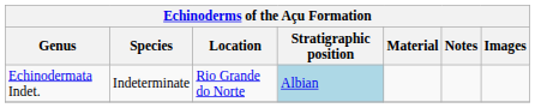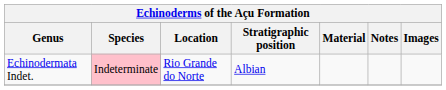 <table class="wikitable" align="center">
 <tr>
 <th colspan="7" align="center"><a href='#'>Echinoderms</a> of the Açu Formation</th>
 </tr>
 <tr>
 <th>Genus</th>
 <th>Species</th>
 <th>Location</th>
 <th>Stratigraphic position</th>
 <th>Material</th>
 <th>Notes</th>
 <th>Images</th>
 </tr>
 <tr>
 <td><a href='#'>Echinodermata</a> Indet.</td>
-<td>Indeterminate</td>
+<td style="background: pink;">Indeterminate</td>
 <td><a href='#'>Rio Grande do Norte</a></td>
-<td style="background: lightblue;"><a href='#'>Albian</a></td>
+<td><a href='#'>Albian</a></td>
 <td></td>
 <td></td>
 <td></td>
 </tr>
 <tr>
 </tr>
 </table>
